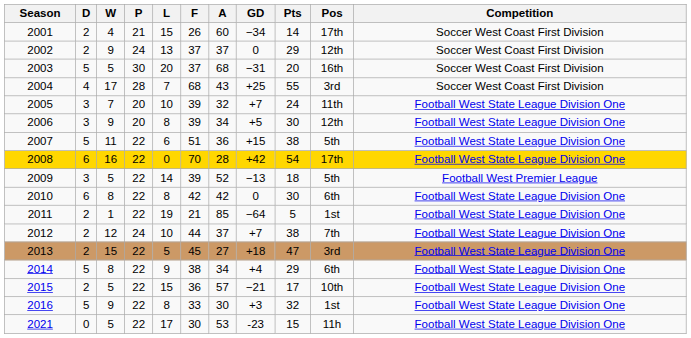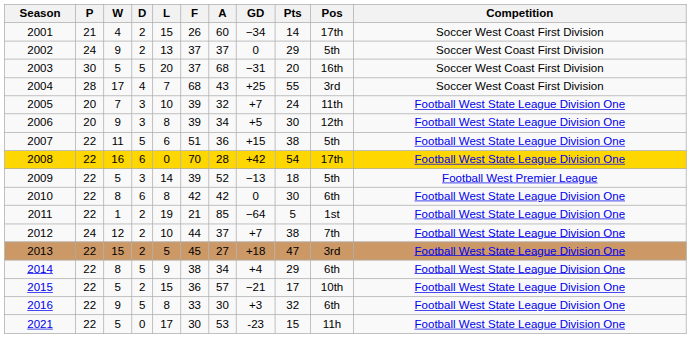 <table class="wikitable" style="width:75%; align:center; text-align:center">
 <tr>
 <th>Season</th>
+<th>P</th>
+<th>W</th>
 <th>D</th>
-<th>W</th>
-<th>P</th>
 <th>L</th>
 <th>F</th>
 <th>A</th>
 <th>GD</th>
 <th>Pts</th>
 <th>Pos</th>
 <th>Competition</th>
 </tr>
 <tr>
 <td>2001</td>
+<td>21</td>
+<td>4</td>
 <td>2</td>
-<td>4</td>
-<td>21</td>
 <td>15</td>
 <td>26</td>
 <td>60</td>
 <td>−34</td>
 <td>14</td>
 <td>17th</td>
 <td>Soccer West Coast First Division</td>
 </tr>
 <tr>
 <td>2002</td>
+<td>24</td>
+<td>9</td>
 <td>2</td>
-<td>9</td>
-<td>24</td>
 <td>13</td>
 <td>37</td>
 <td>37</td>
 <td>0</td>
 <td>29</td>
-<td>12th</td>
+<td>5th</td>
 <td>Soccer West Coast First Division</td>
 </tr>
 <tr>
 <td>2003</td>
+<td>30</td>
 <td>5</td>
 <td>5</td>
-<td>30</td>
 <td>20</td>
 <td>37</td>
 <td>68</td>
 <td>−31</td>
 <td>20</td>
 <td>16th</td>
 <td>Soccer West Coast First Division</td>
 </tr>
 <tr>
 <td>2004</td>
+<td>28</td>
+<td>17</td>
 <td>4</td>
-<td>17</td>
-<td>28</td>
 <td>7</td>
 <td>68</td>
 <td>43</td>
 <td>+25</td>
 <td>55</td>
 <td>3rd</td>
 <td>Soccer West Coast First Division</td>
 </tr>
 <tr>
 <td>2005</td>
+<td>20</td>
+<td>7</td>
 <td>3</td>
-<td>7</td>
-<td>20</td>
 <td>10</td>
 <td>39</td>
 <td>32</td>
 <td>+7</td>
 <td>24</td>
 <td>11th</td>
 <td><a href='#'>Football West State League Division One</a></td>
 </tr>
 <tr>
 <td>2006</td>
+<td>20</td>
+<td>9</td>
 <td>3</td>
-<td>9</td>
-<td>20</td>
 <td>8</td>
 <td>39</td>
 <td>34</td>
 <td>+5</td>
 <td>30</td>
 <td>12th</td>
 <td><a href='#'>Football West State League Division One</a></td>
 </tr>
 <tr>
 <td>2007</td>
+<td>22</td>
+<td>11</td>
 <td>5</td>
-<td>11</td>
-<td>22</td>
 <td>6</td>
 <td>51</td>
 <td>36</td>
 <td>+15</td>
 <td>38</td>
 <td>5th</td>
 <td><a href='#'>Football West State League Division One</a></td>
 </tr>
 <tr bgcolor=gold>
 <td>2008</td>
+<td>22</td>
+<td>16</td>
 <td>6</td>
-<td>16</td>
-<td>22</td>
 <td>0</td>
 <td>70</td>
 <td>28</td>
 <td>+42</td>
 <td>54</td>
 <td>17th</td>
 <td><a href='#'>Football West State League Division One</a></td>
 </tr>
 <tr>
 <td>2009</td>
+<td>22</td>
+<td>5</td>
 <td>3</td>
-<td>5</td>
-<td>22</td>
 <td>14</td>
 <td>39</td>
 <td>52</td>
 <td>−13</td>
 <td>18</td>
 <td>5th</td>
 <td><a href='#'>Football West Premier League</a></td>
 </tr>
 <tr>
 <td>2010</td>
+<td>22</td>
+<td>8</td>
 <td>6</td>
-<td>8</td>
-<td>22</td>
 <td>8</td>
 <td>42</td>
 <td>42</td>
 <td>0</td>
 <td>30</td>
 <td>6th</td>
 <td><a href='#'>Football West State League Division One</a></td>
 </tr>
 <tr>
 <td>2011</td>
+<td>22</td>
+<td>1</td>
 <td>2</td>
-<td>1</td>
-<td>22</td>
 <td>19</td>
 <td>21</td>
 <td>85</td>
 <td>−64</td>
 <td>5</td>
 <td>1st</td>
 <td><a href='#'>Football West State League Division One</a></td>
 </tr>
 <tr>
 <td>2012</td>
+<td>24</td>
+<td>12</td>
 <td>2</td>
-<td>12</td>
-<td>24</td>
 <td>10</td>
 <td>44</td>
 <td>37</td>
 <td>+7</td>
 <td>38</td>
 <td>7th</td>
 <td><a href='#'>Football West State League Division One</a></td>
 </tr>
 <tr bgcolor=#c96>
 <td>2013</td>
+<td>22</td>
+<td>15</td>
 <td>2</td>
-<td>15</td>
-<td>22</td>
 <td>5</td>
 <td>45</td>
 <td>27</td>
 <td>+18</td>
 <td>47</td>
 <td>3rd</td>
 <td><a href='#'>Football West State League Division One</a></td>
 </tr>
 <tr>
 <td><a href='#'>2014</a></td>
+<td>22</td>
+<td>8</td>
 <td>5</td>
-<td>8</td>
-<td>22</td>
 <td>9</td>
 <td>38</td>
 <td>34</td>
 <td>+4</td>
 <td>29</td>
 <td>6th</td>
 <td><a href='#'>Football West State League Division One</a></td>
 </tr>
 <tr>
 <td><a href='#'>2015</a></td>
+<td>22</td>
+<td>5</td>
 <td>2</td>
-<td>5</td>
-<td>22</td>
 <td>15</td>
 <td>36</td>
 <td>57</td>
 <td>−21</td>
 <td>17</td>
 <td>10th</td>
 <td><a href='#'>Football West State League Division One</a></td>
 </tr>
 <tr>
 <td><a href='#'>2016</a></td>
+<td>22</td>
+<td>9</td>
 <td>5</td>
-<td>9</td>
-<td>22</td>
 <td>8</td>
 <td>33</td>
 <td>30</td>
 <td>+3</td>
 <td>32</td>
-<td>1st</td>
+<td>6th</td>
 <td><a href='#'>Football West State League Division One</a></td>
 </tr>
 <tr>
 <td><a href='#'>2021</a></td>
+<td>22</td>
+<td>5</td>
 <td>0</td>
-<td>5</td>
-<td>22</td>
 <td>17</td>
 <td>30</td>
 <td>53</td>
 <td>-23</td>
 <td>15</td>
 <td>11h</td>
 <td><a href='#'>Football West State League Division One</a></td>
 </tr>
 </table>
